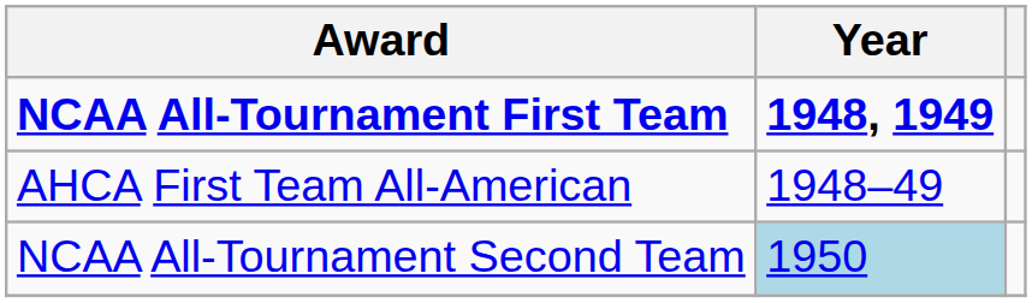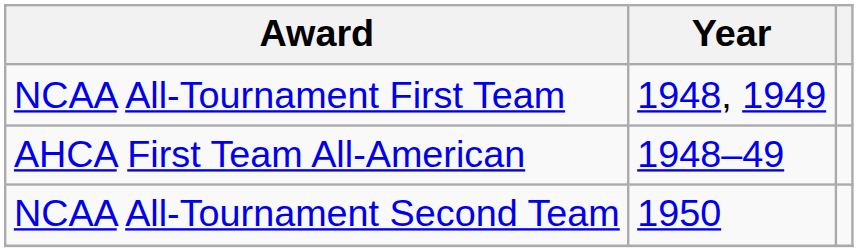 <table class="wikitable">
 <tr>
 <th>Award</th>
 <th>Year</th>
 <th></th>
 </tr>
 <tr>
-<td><strong><a href='#'>NCAA</a> <a href='#'>All-Tournament First Team</a></strong></td>
-<td><strong><a href='#'>1948</a>, <a href='#'>1949</a></strong></td>
+<td><a href='#'>NCAA</a> <a href='#'>All-Tournament First Team</a></td>
+<td><a href='#'>1948</a>, <a href='#'>1949</a></td>
 <td></td>
 </tr>
 <tr>
 <td><a href='#'>AHCA</a> <a href='#'>First Team All-American</a></td>
 <td><a href='#'>1948–49</a></td>
 <td></td>
 </tr>
 <tr>
 <td><a href='#'>NCAA</a> <a href='#'>All-Tournament Second Team</a></td>
-<td style="background: lightblue;"><a href='#'>1950</a></td>
+<td><a href='#'>1950</a></td>
 <td></td>
 </tr>
 <tr>
 </tr>
 </table>
